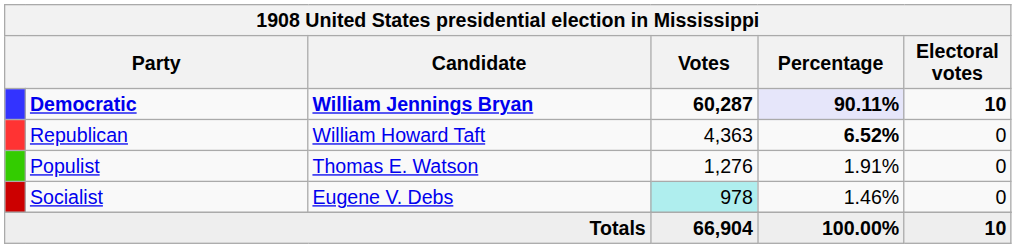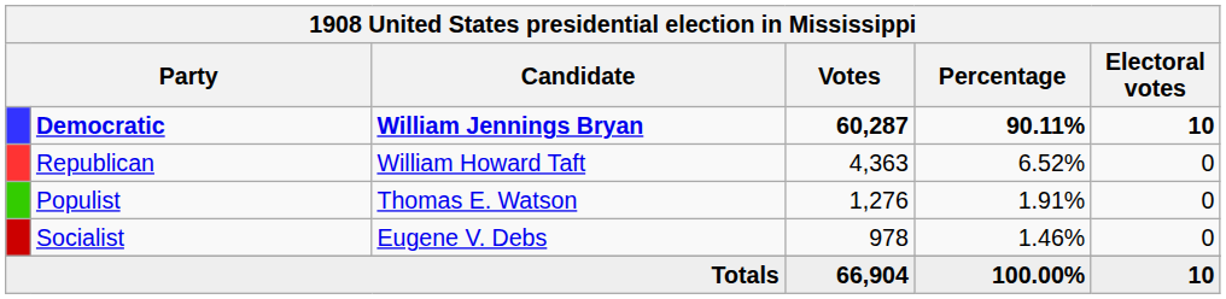 <table class="wikitable" style="font-size: 95%;">
 <tr>
 <th colspan="6">1908 United States presidential election in Mississippi</th>
 </tr>
 <tr>
 <th colspan="2" style="width:15em">Party</th>
 <th style="width:17em">Candidate</th>
 <th style="width:5em">Votes</th>
 <th style="width:7em">Percentage</th>
 <th style="width:5em">Electoral votes</th>
 </tr>
 <tr>
 <th style="background: #3333FF; width: 3px;"></th>
 <td style="width: 130px"><strong><a href='#'>Democratic</a></strong></td>
 <td><strong><a href='#'>William Jennings Bryan</a></strong></td>
 <td align="right"><strong>60,287</strong></td>
-<td align="right" style="background: lavender;"><strong>90.11%</strong></td>
+<td align="right"><strong>90.11%</strong></td>
 <td align="right"><strong>10</strong></td>
 </tr>
 <tr>
 <th style="background: #FF3333; width: 3px;"></th>
 <td style="width: 130px"><a href='#'>Republican</a></td>
 <td><a href='#'>William Howard Taft</a></td>
 <td align="right">4,363</td>
-<td align="right"><strong>6.52%</strong></td>
+<td align="right">6.52%</td>
 <td align="right">0</td>
 </tr>
 <tr>
 <th style="background: #33CC00; width: 3px;"></th>
 <td style="width: 130px"><a href='#'>Populist</a></td>
 <td><a href='#'>Thomas E. Watson</a></td>
 <td align="right">1,276</td>
 <td align="right">1.91%</td>
 <td align="right">0</td>
 </tr>
 <tr>
 <th style="background: #CC0000; width: 3px;"></th>
 <td style="width: 130px"><a href='#'>Socialist</a></td>
 <td><a href='#'>Eugene V. Debs</a></td>
-<td align="right" style="background: paleturquoise;">978</td>
+<td align="right">978</td>
 <td align="right">1.46%</td>
 <td align="right">0</td>
 </tr>
 <tr>
 </tr>
 <tr style="background:#EEEEEE">
 <td colspan="3" align="right"><strong>Totals</strong></td>
 <td align="right"><strong>66,904</strong></td>
 <td align="right"><strong>100.00%</strong></td>
 <td align="right"><strong>10</strong></td>
 </tr>
 </table>
